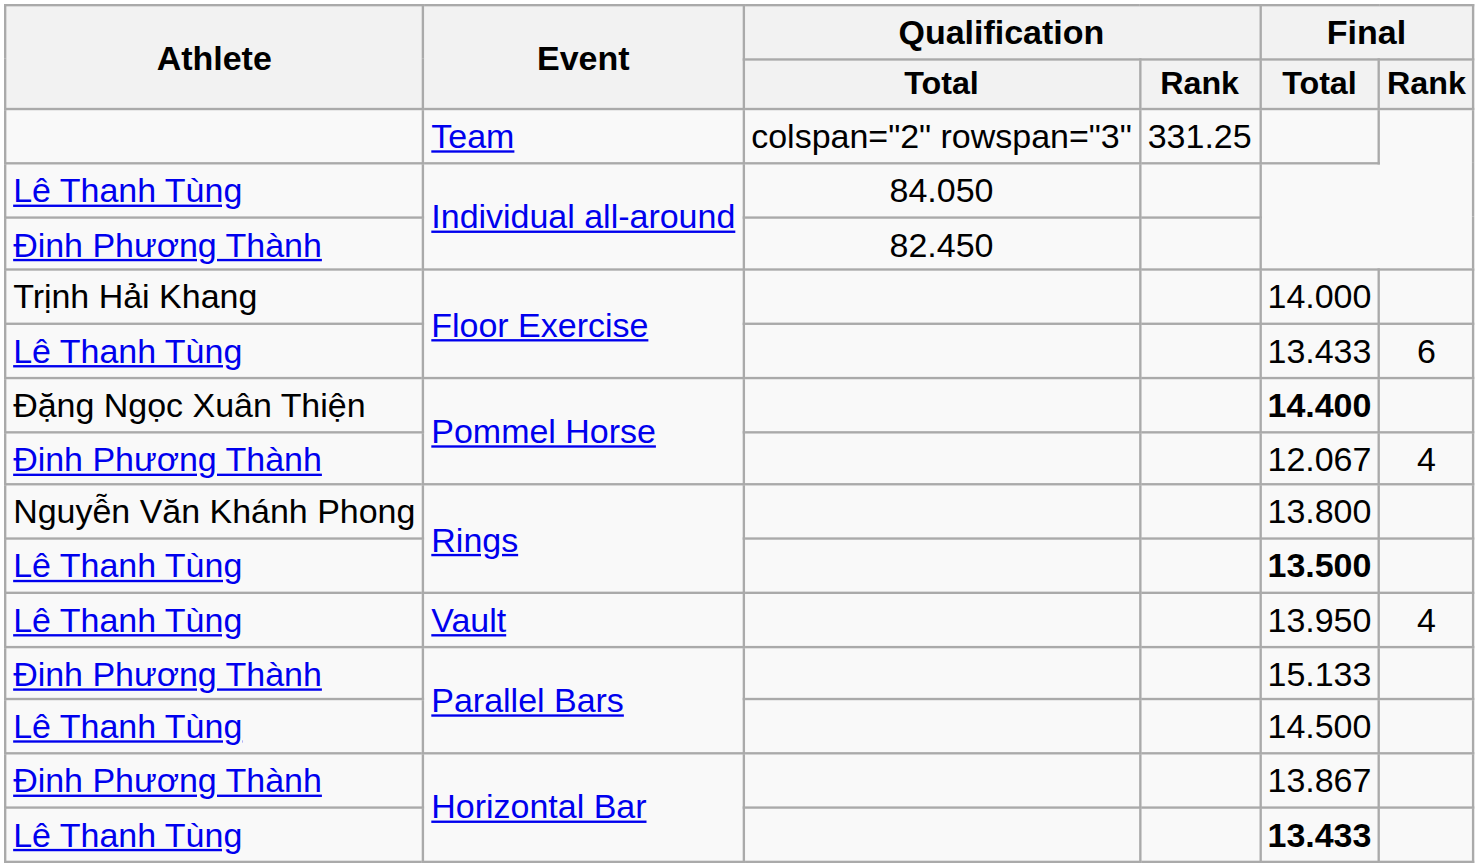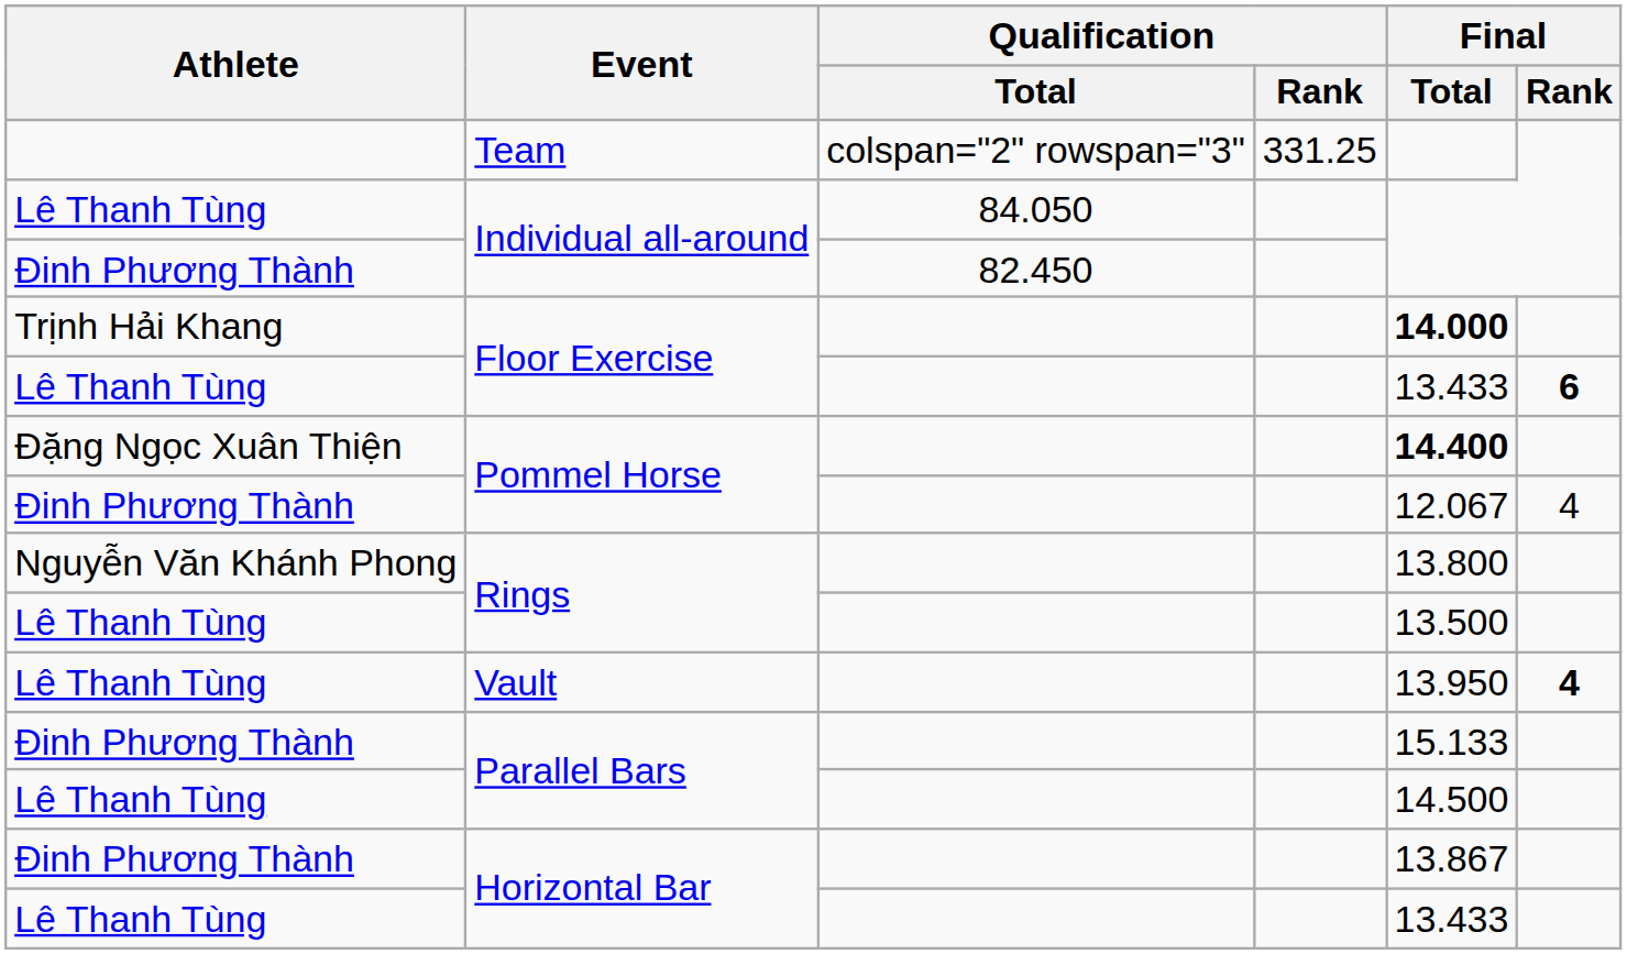 <table class=wikitable style=font-size:90%;text-align:center>
 <tr>
 <th rowspan="2">Athlete</th>
 <th rowspan="2">Event</th>
 <th colspan="2">Qualification</th>
 <th colspan="2">Final</th>
 </tr>
 <tr style="font-size:95%">
 <th>Total</th>
 <th>Rank</th>
 <th>Total</th>
 <th>Rank</th>
 </tr>
 <tr>
 <td align=left></td>
 <td align=left><a href='#'>Team</a></td>
 <td>colspan="2" rowspan="3" </td>
 <td>331.25</td>
 <td></td>
 </tr>
 <tr>
 <td align=left><a href='#'>Lê Thanh Tùng</a></td>
 <td rowspan="2" align=left><a href='#'>Individual all-around</a></td>
 <td>84.050</td>
 <td></td>
 </tr>
 <tr>
 <td align=left><a href='#'>Đinh Phương Thành</a></td>
 <td>82.450</td>
 <td></td>
 </tr>
 <tr>
 <td align=left>Trịnh Hải Khang</td>
 <td rowspan="2" align=left><a href='#'>Floor Exercise</a></td>
 <td></td>
 <td></td>
-<td>14.000</td>
+<td><strong>14.000</strong></td>
 <td></td>
 </tr>
 <tr>
 <td align=left><a href='#'>Lê Thanh Tùng</a></td>
 <td></td>
 <td></td>
 <td>13.433</td>
-<td>6</td>
+<td><strong>6</strong></td>
 </tr>
 <tr>
 <td align=left>Đặng Ngọc Xuân Thiện</td>
 <td rowspan="2" align=left><a href='#'>Pommel Horse</a></td>
 <td></td>
 <td></td>
 <td><strong>14.400</strong></td>
 <td></td>
 </tr>
 <tr>
 <td align=left><a href='#'>Đinh Phương Thành</a></td>
 <td></td>
 <td></td>
 <td>12.067</td>
 <td>4</td>
 </tr>
 <tr>
 <td align=left>Nguyễn Văn Khánh Phong</td>
 <td rowspan="2" align=left><a href='#'>Rings</a></td>
 <td></td>
 <td></td>
 <td>13.800</td>
 <td></td>
 </tr>
 <tr>
 <td align=left><a href='#'>Lê Thanh Tùng</a></td>
 <td></td>
 <td></td>
-<td><strong>13.500</strong></td>
+<td>13.500</td>
 <td></td>
 </tr>
 <tr>
 <td align=left><a href='#'>Lê Thanh Tùng</a></td>
 <td align=left><a href='#'>Vault</a></td>
 <td></td>
 <td></td>
 <td>13.950</td>
-<td>4</td>
+<td><strong>4</strong></td>
 </tr>
 <tr>
 <td align=left><a href='#'>Đinh Phương Thành</a></td>
 <td rowspan="2" align=left><a href='#'>Parallel Bars</a></td>
 <td></td>
 <td></td>
 <td>15.133</td>
 <td></td>
 </tr>
 <tr>
 <td align=left><a href='#'>Lê Thanh Tùng</a></td>
 <td></td>
 <td></td>
 <td>14.500</td>
 <td></td>
 </tr>
 <tr>
 <td align=left><a href='#'>Đinh Phương Thành</a></td>
 <td rowspan="2" align=left><a href='#'>Horizontal Bar</a></td>
 <td></td>
 <td></td>
 <td>13.867</td>
 <td></td>
 </tr>
 <tr>
 <td align=left><a href='#'>Lê Thanh Tùng</a></td>
 <td></td>
 <td></td>
-<td><strong>13.433</strong></td>
+<td>13.433</td>
 <td></td>
 </tr>
 </table>
